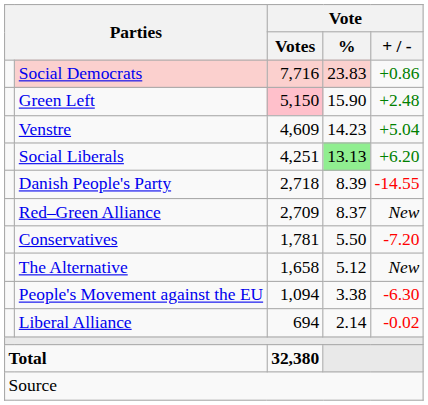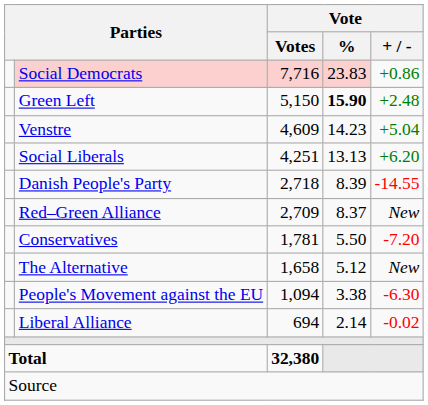 <table class="wikitable" style="text-align:right;">
 <tr>
 <th style="text-align:centre;" rowspan="2" colspan="2" width="225">Parties</th>
 <th colspan="3">Vote</th>
 </tr>
 <tr>
 <th width="15">Votes</th>
 <th width="15">%</th>
 <th width="15">+ / -</th>
 </tr>
 <tr>
 <td width="2" style="color:inherit;background:"></td>
 <td bgcolor=#fbd0ce   align="left"><a href='#'>Social Democrats</a></td>
 <td bgcolor=#fbd0ce>7,716</td>
 <td bgcolor=#fbd0ce>23.83</td>
 <td style=color:green;>+0.86</td>
 </tr>
 <tr>
 <td width="2" style="color:inherit;background:"></td>
 <td align="left"><a href='#'>Green Left</a></td>
-<td style="background: pink;">5,150</td>
-<td>15.90</td>
+<td>5,150</td>
+<td><strong>15.90</strong></td>
 <td style=color:green;>+2.48</td>
 </tr>
 <tr>
 <td width="2" style="color:inherit;background:"></td>
 <td align="left"><a href='#'>Venstre</a></td>
 <td>4,609</td>
 <td>14.23</td>
 <td style=color:green;>+5.04</td>
 </tr>
 <tr>
 <td width="2" style="color:inherit;background:"></td>
 <td align="left"><a href='#'>Social Liberals</a></td>
 <td>4,251</td>
-<td style="background: lightgreen;">13.13</td>
+<td>13.13</td>
 <td style=color:green;>+6.20</td>
 </tr>
 <tr>
 <td width="2" style="color:inherit;background:"></td>
 <td align="left"><a href='#'>Danish People's Party</a></td>
 <td>2,718</td>
 <td>8.39</td>
 <td style=color:red;>-14.55</td>
 </tr>
 <tr>
 <td width="2" style="color:inherit;background:"></td>
 <td align="left"><a href='#'>Red–Green Alliance</a></td>
 <td>2,709</td>
 <td>8.37</td>
 <td><em>New</em></td>
 </tr>
 <tr>
 <td width="2" style="color:inherit;background:"></td>
 <td align="left"><a href='#'>Conservatives</a></td>
 <td>1,781</td>
 <td>5.50</td>
 <td style=color:red;>-7.20</td>
 </tr>
 <tr>
 <td width="2" style="color:inherit;background:"></td>
 <td align="left"><a href='#'>The Alternative</a></td>
 <td>1,658</td>
 <td>5.12</td>
 <td><em>New</em></td>
 </tr>
 <tr>
 <td width="2" style="color:inherit;background:"></td>
 <td align="left"><a href='#'>People's Movement against the EU</a></td>
 <td>1,094</td>
 <td>3.38</td>
 <td style=color:red;>-6.30</td>
 </tr>
 <tr>
 <td width="2" style="color:inherit;background:"></td>
 <td align="left"><a href='#'>Liberal Alliance</a></td>
 <td>694</td>
 <td>2.14</td>
 <td style=color:red;>-0.02</td>
 </tr>
 <tr>
 <td colspan="7" bgcolor="#E9E9E9"></td>
 </tr>
 <tr>
 <td align="left" colspan="2"><strong>Total</strong></td>
 <td><strong>32,380</strong></td>
 <td bgcolor="#E9E9E9" colspan="2"></td>
 </tr>
 <tr>
 <td align="left" colspan="6">Source</td>
 </tr>
 </table>
